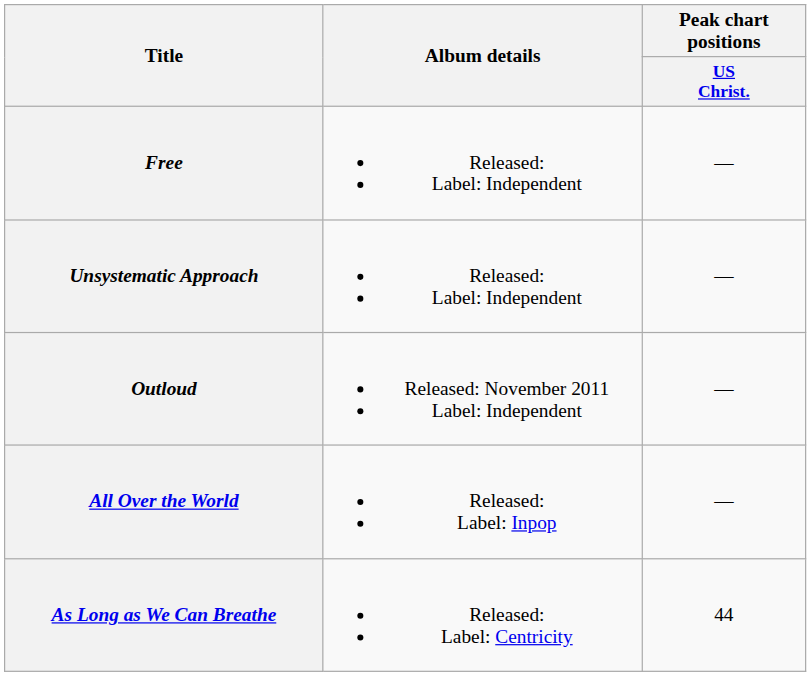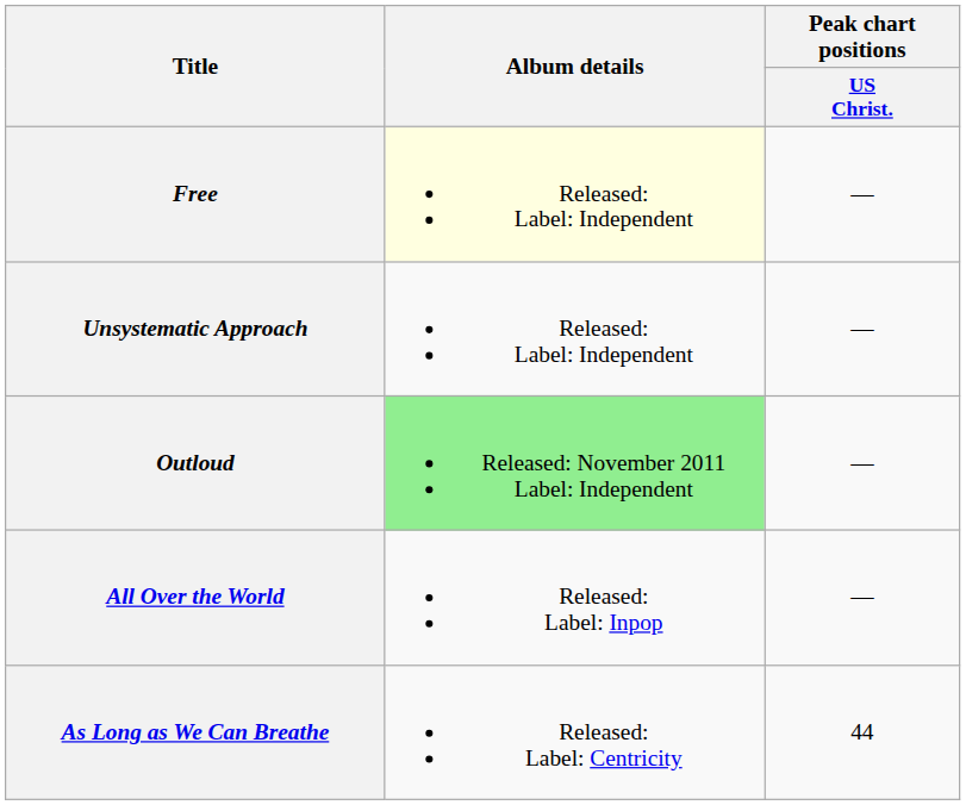 <table class="wikitable plainrowheaders" style="text-align:center;">
 <tr>
 <th scope="col" rowspan="2" style="width:16em;">Title</th>
 <th scope="col" rowspan="2" style="width:16em;">Album details</th>
 <th scope="col" style="width:8em;">Peak chart positions</th>
 </tr>
 <tr>
 <th style="width:3em; font-size:90%"><a href='#'>US<br>Christ.</a></th>
 </tr>
 <tr>
 <th scope="row"><em>Free</em></th>
-<td><br><ul><li>Released: </li><li>Label: Independent</li></ul></td>
+<td style="background: lightyellow;"><br><ul><li>Released: </li><li>Label: Independent</li></ul></td>
 <td>—</td>
 </tr>
 <tr>
 <th scope="row"><em>Unsystematic Approach</em></th>
 <td><br><ul><li>Released: </li><li>Label: Independent</li></ul></td>
 <td>—</td>
 </tr>
 <tr>
 <th scope="row"><em>Outloud</em></th>
-<td><br><ul><li>Released: November 2011</li><li>Label: Independent</li></ul></td>
+<td style="background: lightgreen;"><br><ul><li>Released: November 2011</li><li>Label: Independent</li></ul></td>
 <td>—</td>
 </tr>
 <tr>
 <th scope="row"><em><a href='#'>All Over the World</a></em></th>
 <td><br><ul><li>Released: </li><li>Label: <a href='#'>Inpop</a></li></ul></td>
 <td>—</td>
 </tr>
 <tr>
 <th scope="row"><em><a href='#'>As Long as We Can Breathe</a></em></th>
 <td><br><ul><li>Released: </li><li>Label: <a href='#'>Centricity</a></li></ul></td>
 <td>44</td>
 </tr>
 </table>
